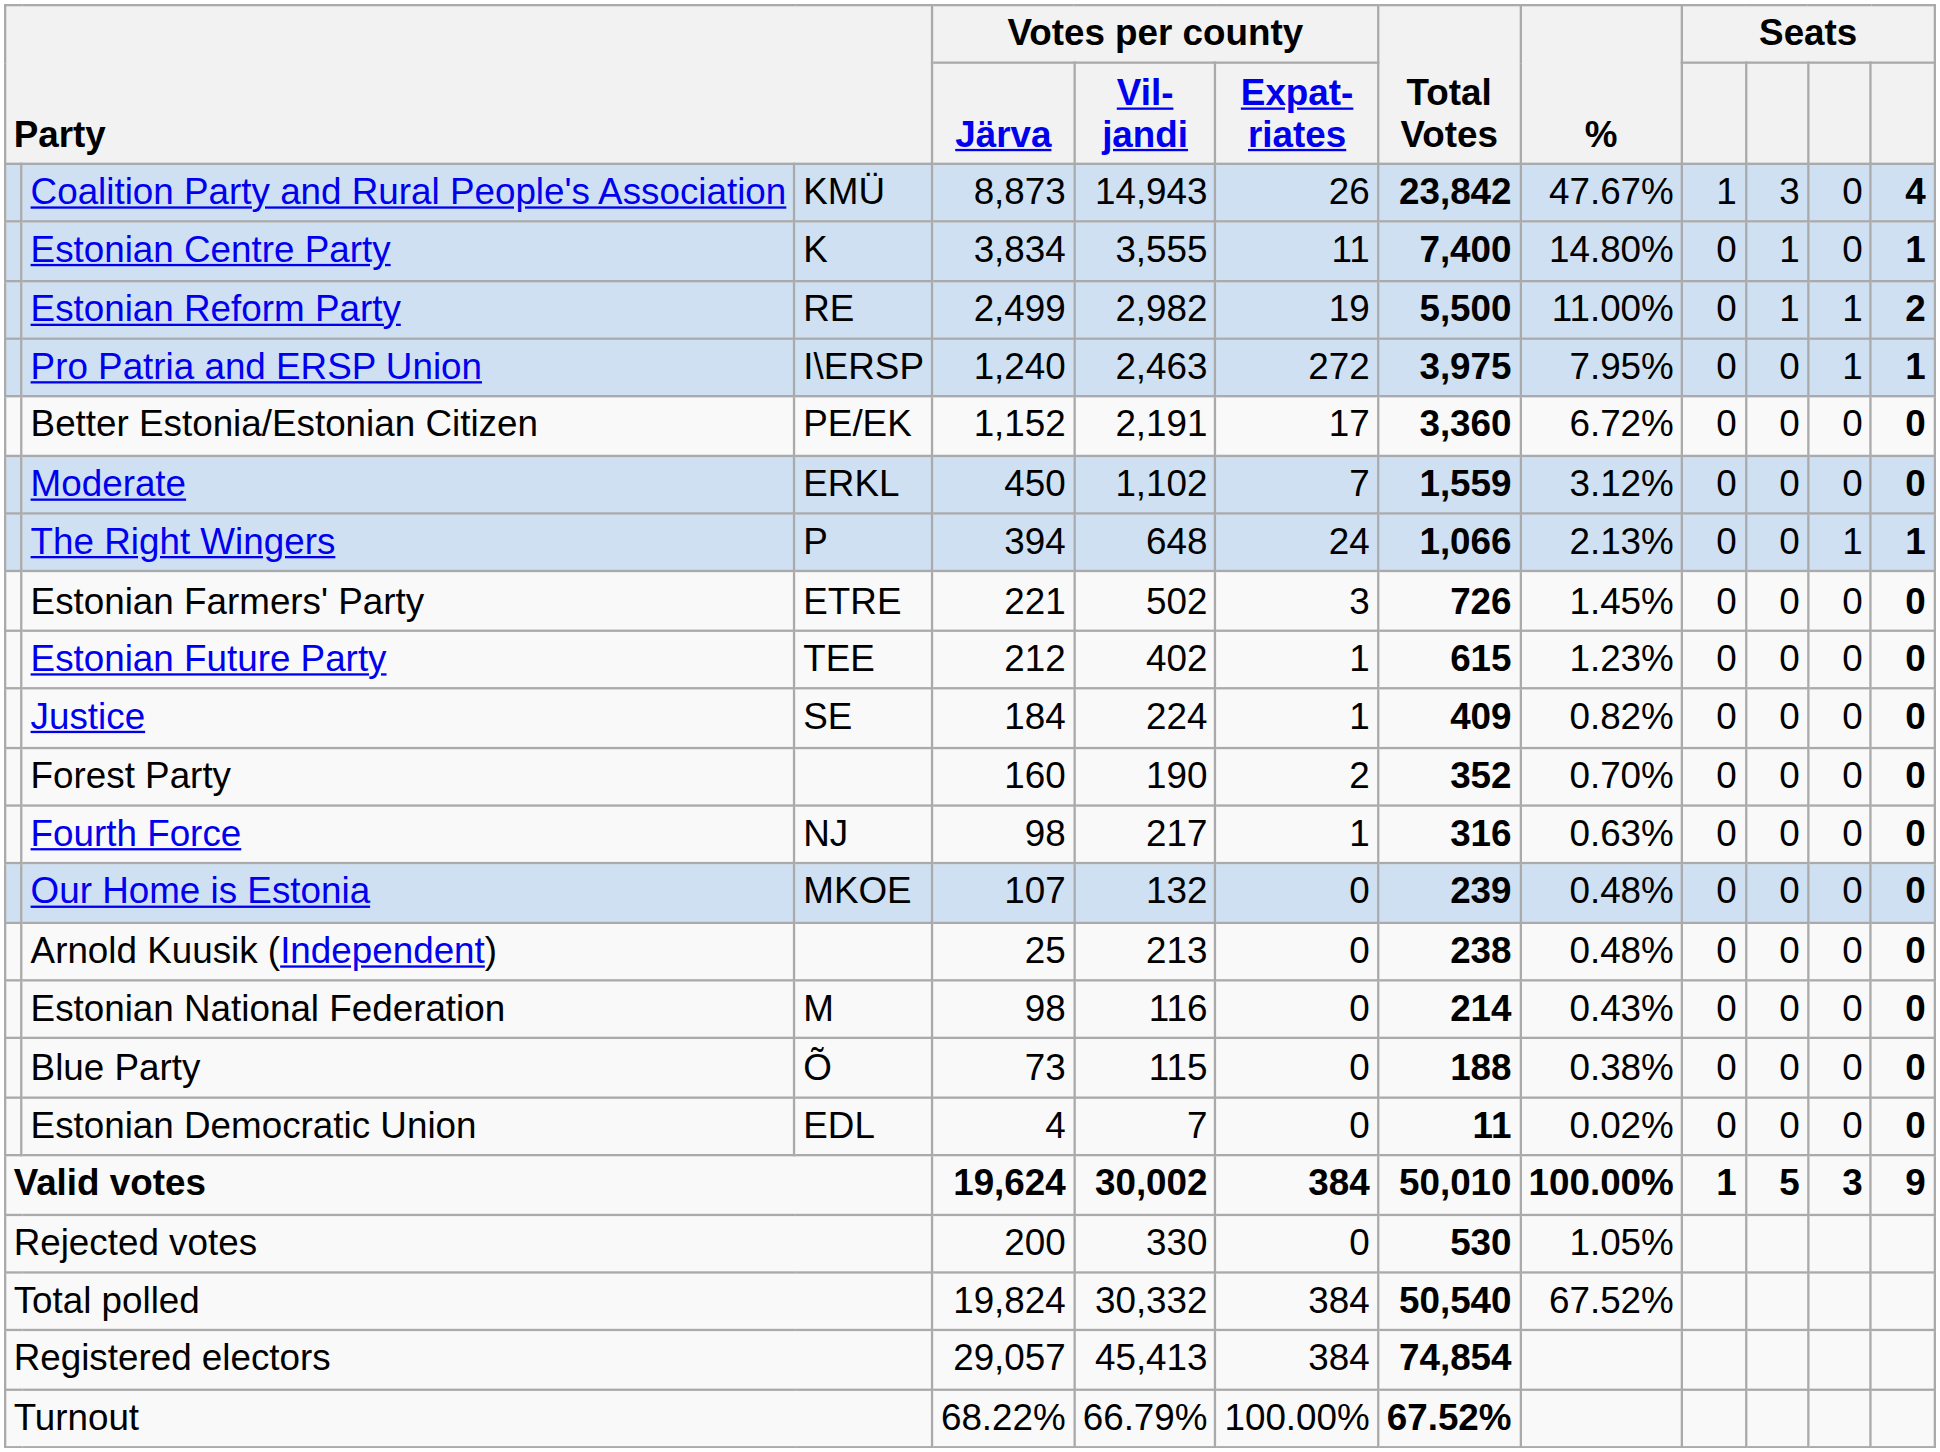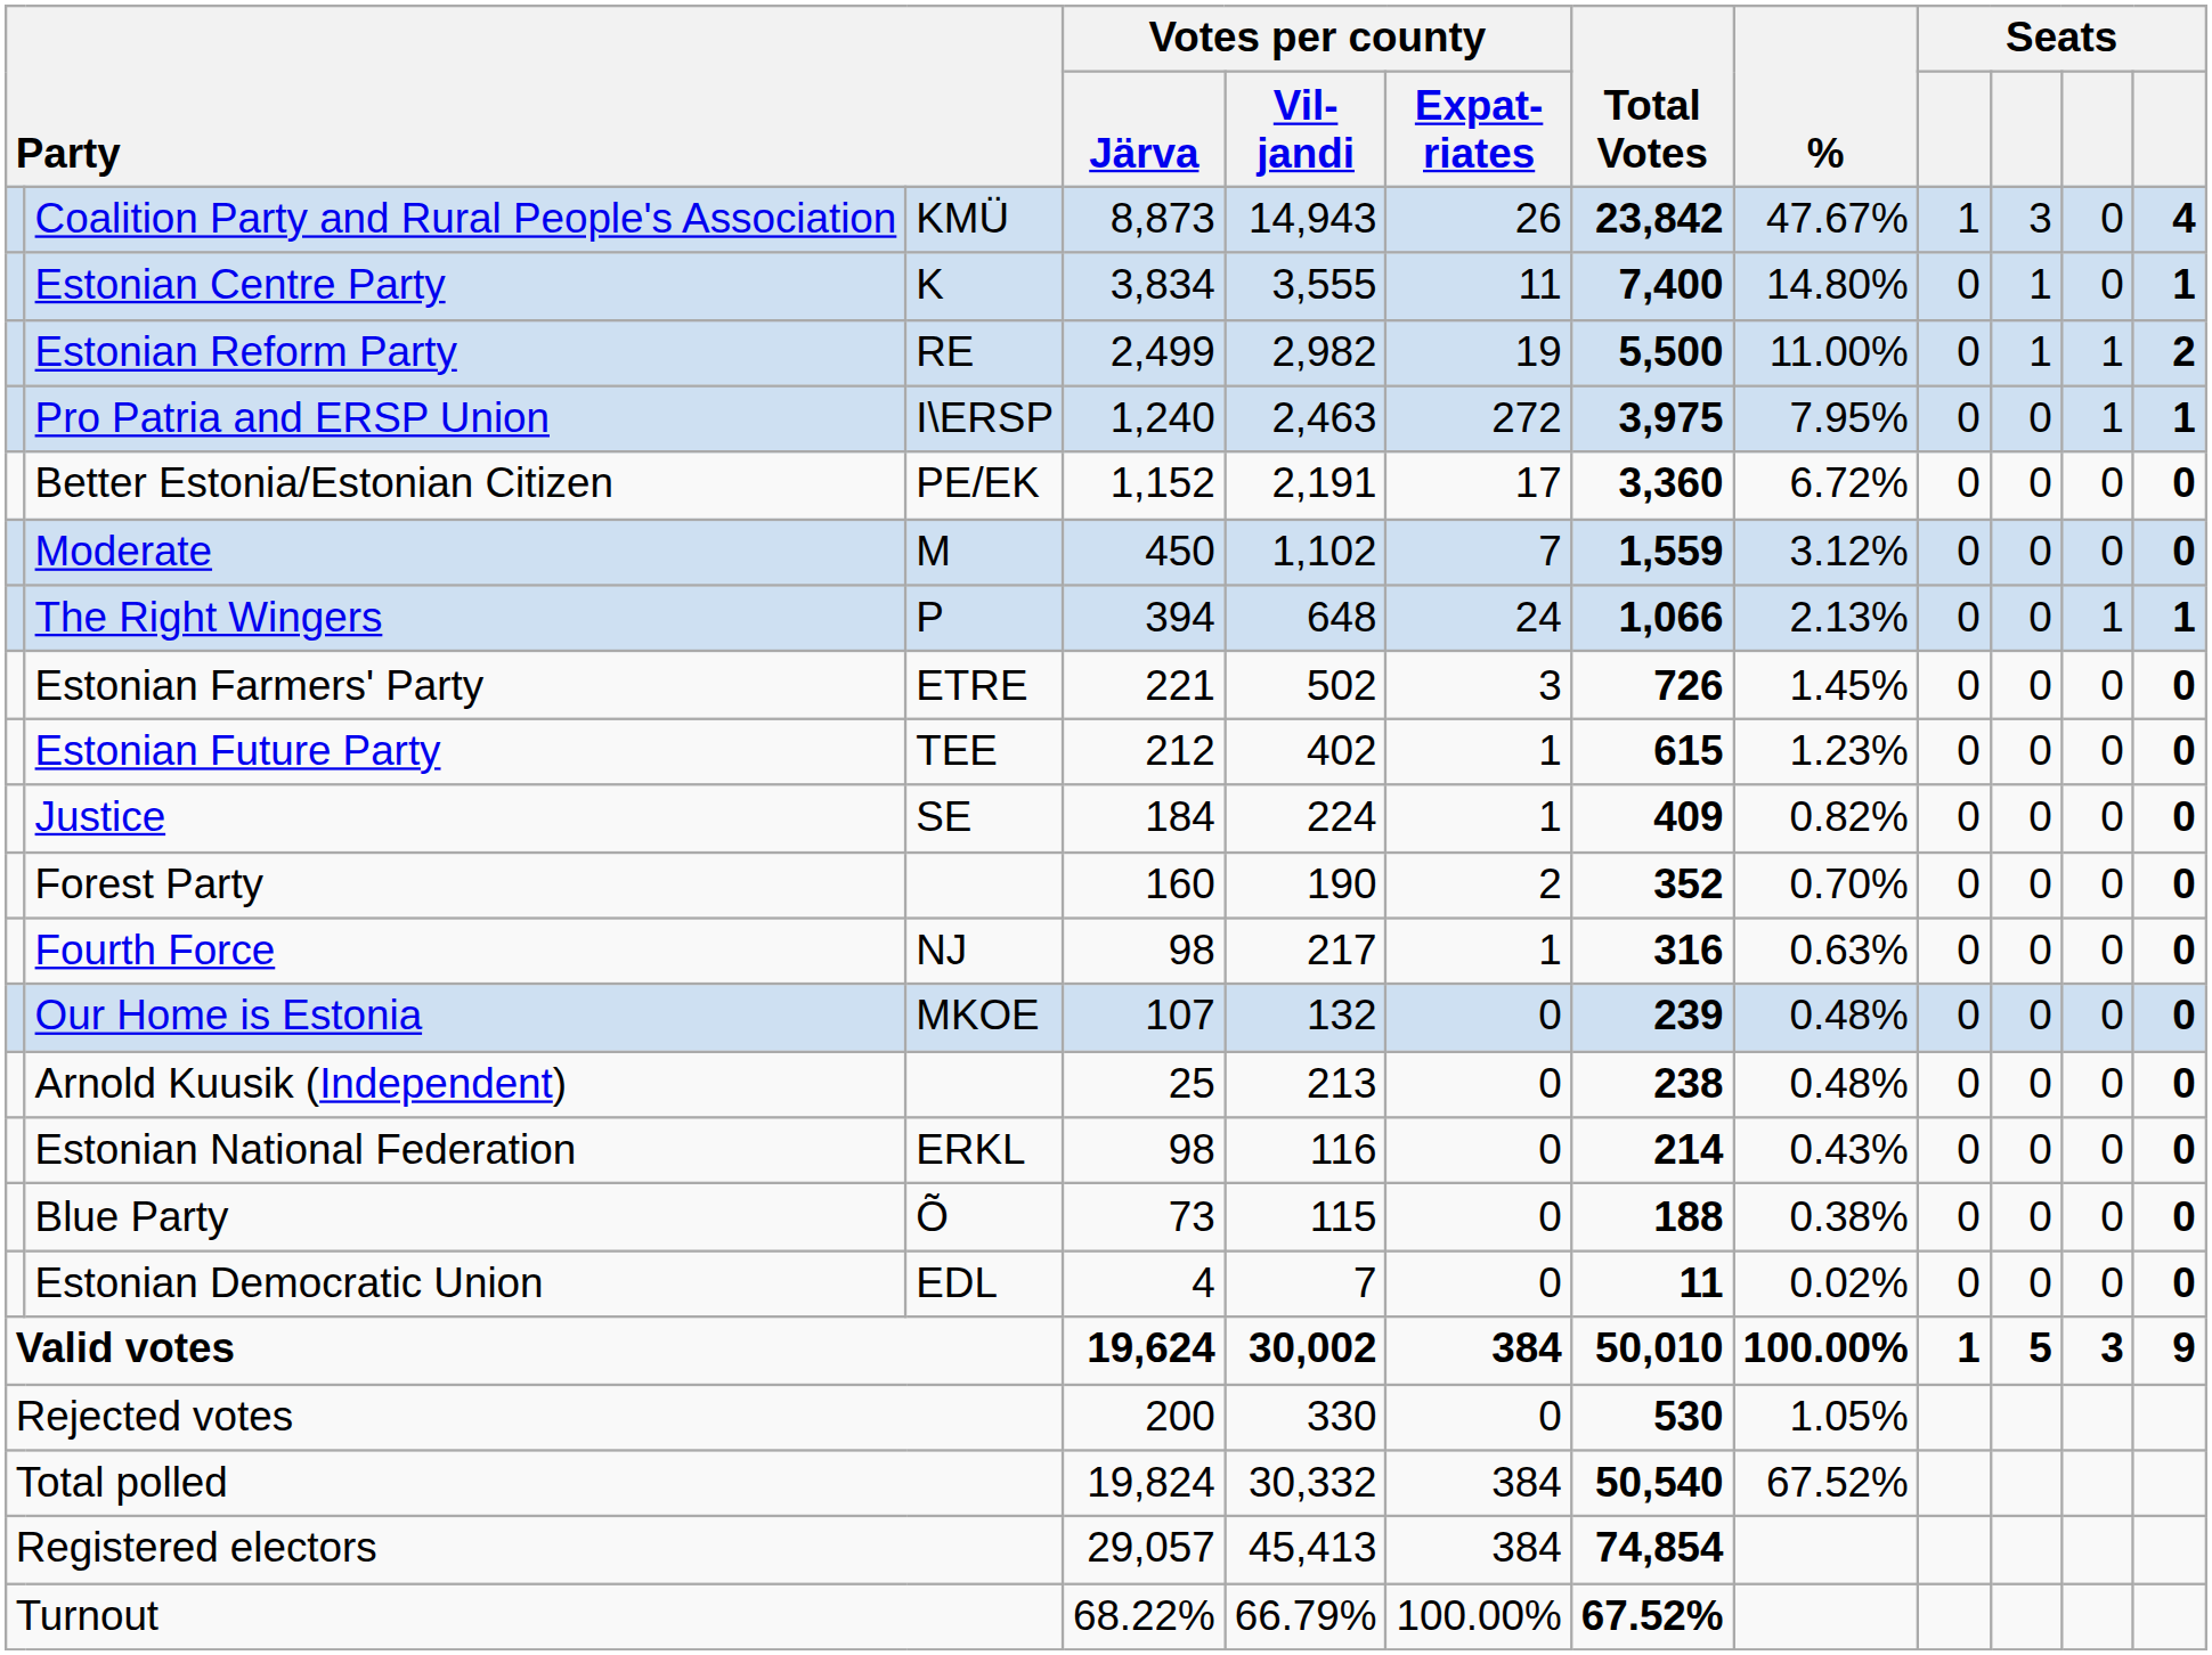 <table class="wikitable" border="1" style="text-align:right;">
 <tr>
 <th style="text-align:left;" valign=bottom rowspan=2 colspan=3>Party</th>
 <th colspan=3>Votes per county</th>
 <th align=center valign=bottom rowspan=2 width="50">Total Votes</th>
 <th align=center valign=bottom rowspan=2 width="50">%</th>
 <th colspan=4>Seats</th>
 </tr>
 <tr>
 <th align=center valign=bottom width="50"><a href='#'>Järva</a></th>
 <th align=center valign=bottom width="50"><a href='#'>Vil- jandi</a></th>
 <th align=center valign=bottom width="50"><a href='#'>Expat- riates</a></th>
 <th align=center valign=bottom width="20"><small></small></th>
 <th align=center valign=bottom width="20"><small></small></th>
 <th align=center valign=bottom width="20"><small></small></th>
 <th align=center valign=bottom width="20"><small></small></th>
 </tr>
 <tr style="background:#CEE0F2;">
 <td style="background:"></td>
 <td align=left><a href='#'>Coalition Party and Rural People's Association</a></td>
 <td align=left>KMÜ</td>
 <td>8,873</td>
 <td>14,943</td>
 <td>26</td>
 <td><strong>23,842</strong></td>
 <td>47.67%</td>
 <td>1</td>
 <td>3</td>
 <td>0</td>
 <td><strong>4</strong></td>
 </tr>
 <tr style="background:#CEE0F2;">
 <td style="background:"></td>
 <td align=left><a href='#'>Estonian Centre Party</a></td>
 <td align=left>K</td>
 <td>3,834</td>
 <td>3,555</td>
 <td>11</td>
 <td><strong>7,400</strong></td>
 <td>14.80%</td>
 <td>0</td>
 <td>1</td>
 <td>0</td>
 <td><strong>1</strong></td>
 </tr>
 <tr style="background:#CEE0F2;">
 <td style="background:"></td>
 <td align=left><a href='#'>Estonian Reform Party</a></td>
 <td align=left>RE</td>
 <td>2,499</td>
 <td>2,982</td>
 <td>19</td>
 <td><strong>5,500</strong></td>
 <td>11.00%</td>
 <td>0</td>
 <td>1</td>
 <td>1</td>
 <td><strong>2</strong></td>
 </tr>
 <tr style="background:#CEE0F2;">
 <td style="background:"></td>
 <td align=left><a href='#'>Pro Patria and ERSP Union</a></td>
 <td align=left>I\ERSP</td>
 <td>1,240</td>
 <td>2,463</td>
 <td>272</td>
 <td><strong>3,975</strong></td>
 <td>7.95%</td>
 <td>0</td>
 <td>0</td>
 <td>1</td>
 <td><strong>1</strong></td>
 </tr>
 <tr>
 <td></td>
 <td align=left>Better Estonia/Estonian Citizen</td>
 <td align=left>PE/EK</td>
 <td>1,152</td>
 <td>2,191</td>
 <td>17</td>
 <td><strong>3,360</strong></td>
 <td>6.72%</td>
 <td>0</td>
 <td>0</td>
 <td>0</td>
 <td><strong>0</strong></td>
 </tr>
 <tr style="background:#CEE0F2;">
 <td style="background:"></td>
 <td align=left><a href='#'>Moderate</a></td>
-<td align=left>ERKL</td>
+<td align=left>M</td>
 <td>450</td>
 <td>1,102</td>
 <td>7</td>
 <td><strong>1,559</strong></td>
 <td>3.12%</td>
 <td>0</td>
 <td>0</td>
 <td>0</td>
 <td><strong>0</strong></td>
 </tr>
 <tr style="background:#CEE0F2;">
 <td></td>
 <td align=left><a href='#'>The Right Wingers</a></td>
 <td align=left>P</td>
 <td>394</td>
 <td>648</td>
 <td>24</td>
 <td><strong>1,066</strong></td>
 <td>2.13%</td>
 <td>0</td>
 <td>0</td>
 <td>1</td>
 <td><strong>1</strong></td>
 </tr>
 <tr>
 <td></td>
 <td align=left>Estonian Farmers' Party</td>
 <td align=left>ETRE</td>
 <td>221</td>
 <td>502</td>
 <td>3</td>
 <td><strong>726</strong></td>
 <td>1.45%</td>
 <td>0</td>
 <td>0</td>
 <td>0</td>
 <td><strong>0</strong></td>
 </tr>
 <tr>
 <td style="background:"></td>
 <td align=left><a href='#'>Estonian Future Party</a></td>
 <td align=left>TEE</td>
 <td>212</td>
 <td>402</td>
 <td>1</td>
 <td><strong>615</strong></td>
 <td>1.23%</td>
 <td>0</td>
 <td>0</td>
 <td>0</td>
 <td><strong>0</strong></td>
 </tr>
 <tr>
 <td style="background:"></td>
 <td align=left><a href='#'>Justice</a></td>
 <td align=left>SE</td>
 <td>184</td>
 <td>224</td>
 <td>1</td>
 <td><strong>409</strong></td>
 <td>0.82%</td>
 <td>0</td>
 <td>0</td>
 <td>0</td>
 <td><strong>0</strong></td>
 </tr>
 <tr>
 <td></td>
 <td align=left>Forest Party</td>
 <td></td>
 <td>160</td>
 <td>190</td>
 <td>2</td>
 <td><strong>352</strong></td>
 <td>0.70%</td>
 <td>0</td>
 <td>0</td>
 <td>0</td>
 <td><strong>0</strong></td>
 </tr>
 <tr>
 <td style="background:"></td>
 <td align=left><a href='#'>Fourth Force</a></td>
 <td align=left>NJ</td>
 <td>98</td>
 <td>217</td>
 <td>1</td>
 <td><strong>316</strong></td>
 <td>0.63%</td>
 <td>0</td>
 <td>0</td>
 <td>0</td>
 <td><strong>0</strong></td>
 </tr>
 <tr style="background:#CEE0F2;">
 <td style="background:"></td>
 <td align=left><a href='#'>Our Home is Estonia</a></td>
 <td align=left>MKOE</td>
 <td>107</td>
 <td>132</td>
 <td>0</td>
 <td><strong>239</strong></td>
 <td>0.48%</td>
 <td>0</td>
 <td>0</td>
 <td>0</td>
 <td><strong>0</strong></td>
 </tr>
 <tr>
 <td style="background:"></td>
 <td align=left>Arnold Kuusik (<a href='#'>Independent</a>)</td>
 <td></td>
 <td>25</td>
 <td>213</td>
 <td>0</td>
 <td><strong>238</strong></td>
 <td>0.48%</td>
 <td>0</td>
 <td>0</td>
 <td>0</td>
 <td><strong>0</strong></td>
 </tr>
 <tr>
 <td></td>
 <td align=left>Estonian National Federation</td>
-<td align=left>M</td>
+<td align=left>ERKL</td>
 <td>98</td>
 <td>116</td>
 <td>0</td>
 <td><strong>214</strong></td>
 <td>0.43%</td>
 <td>0</td>
 <td>0</td>
 <td>0</td>
 <td><strong>0</strong></td>
 </tr>
 <tr>
 <td></td>
 <td align=left>Blue Party</td>
 <td align=left>Õ</td>
 <td>73</td>
 <td>115</td>
 <td>0</td>
 <td><strong>188</strong></td>
 <td>0.38%</td>
 <td>0</td>
 <td>0</td>
 <td>0</td>
 <td><strong>0</strong></td>
 </tr>
 <tr>
 <td></td>
 <td align=left>Estonian Democratic Union</td>
 <td align=left>EDL</td>
 <td>4</td>
 <td>7</td>
 <td>0</td>
 <td><strong>11</strong></td>
 <td>0.02%</td>
 <td>0</td>
 <td>0</td>
 <td>0</td>
 <td><strong>0</strong></td>
 </tr>
 <tr style="font-weight:bold">
 <td align=left colspan=3>Valid votes</td>
 <td>19,624</td>
 <td>30,002</td>
 <td>384</td>
 <td>50,010</td>
 <td>100.00%</td>
 <td>1</td>
 <td>5</td>
 <td>3</td>
 <td>9</td>
 </tr>
 <tr>
 <td align=left colspan=3>Rejected votes</td>
 <td>200</td>
 <td>330</td>
 <td>0</td>
 <td><strong>530</strong></td>
 <td>1.05%</td>
 <td></td>
 <td></td>
 <td></td>
 <td></td>
 </tr>
 <tr>
 <td align=left colspan=3>Total polled</td>
 <td>19,824</td>
 <td>30,332</td>
 <td>384</td>
 <td><strong>50,540</strong></td>
 <td>67.52%</td>
 <td></td>
 <td></td>
 <td></td>
 <td></td>
 </tr>
 <tr>
 <td align=left colspan=3>Registered electors</td>
 <td>29,057</td>
 <td>45,413</td>
 <td>384</td>
 <td><strong>74,854</strong></td>
 <td></td>
 <td></td>
 <td></td>
 <td></td>
 <td></td>
 </tr>
 <tr>
 <td align=left colspan=3>Turnout</td>
 <td>68.22%</td>
 <td>66.79%</td>
 <td>100.00%</td>
 <td><strong>67.52%</strong></td>
 <td></td>
 <td></td>
 <td></td>
 <td></td>
 <td></td>
 </tr>
 </table>
